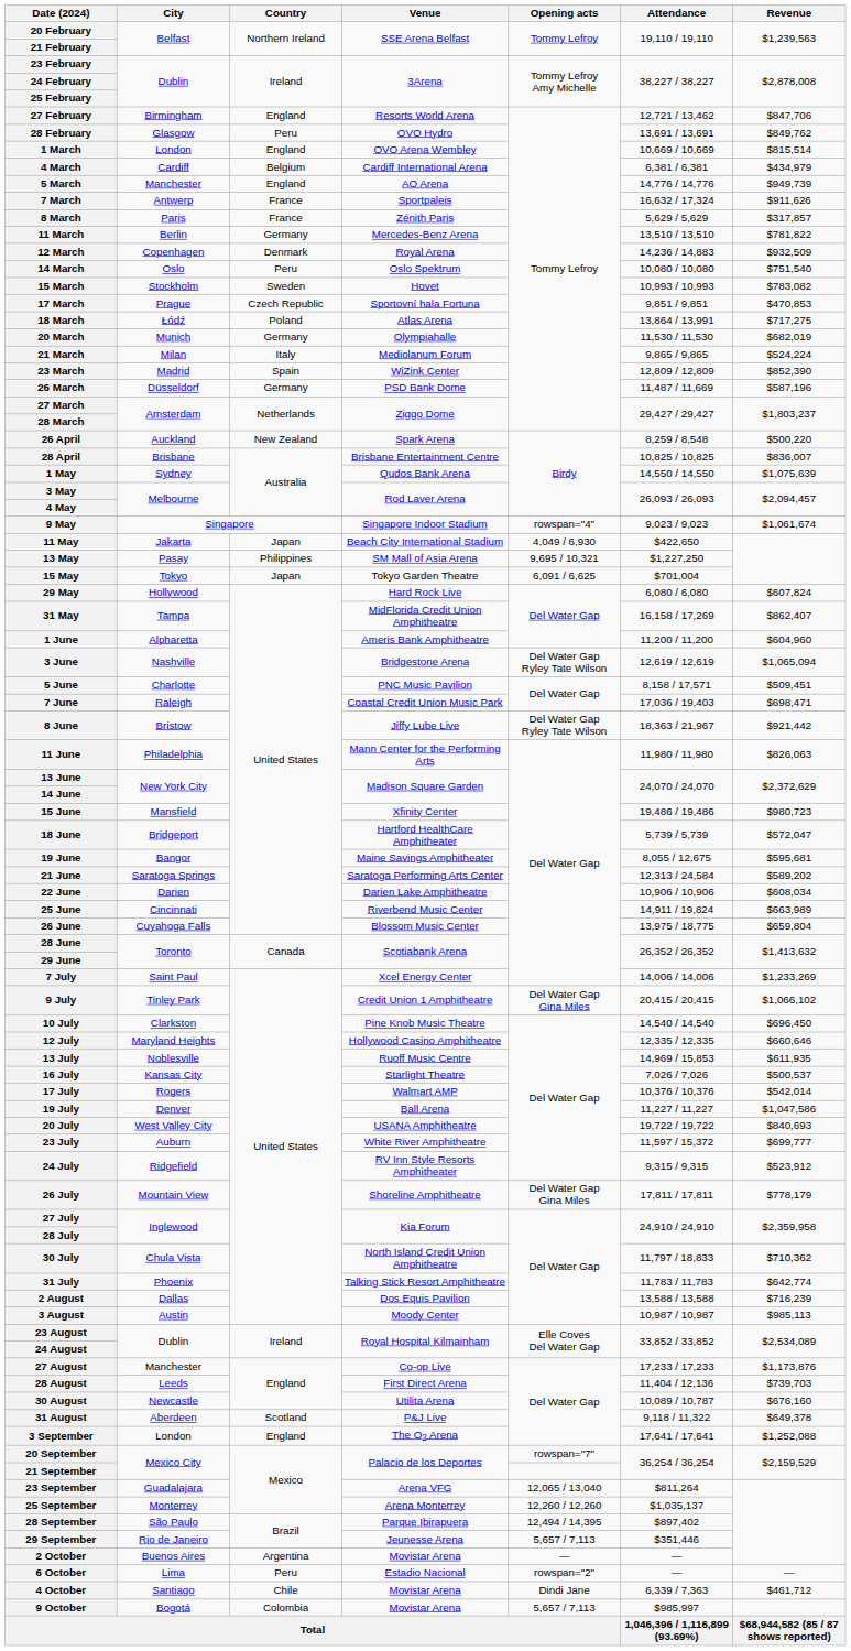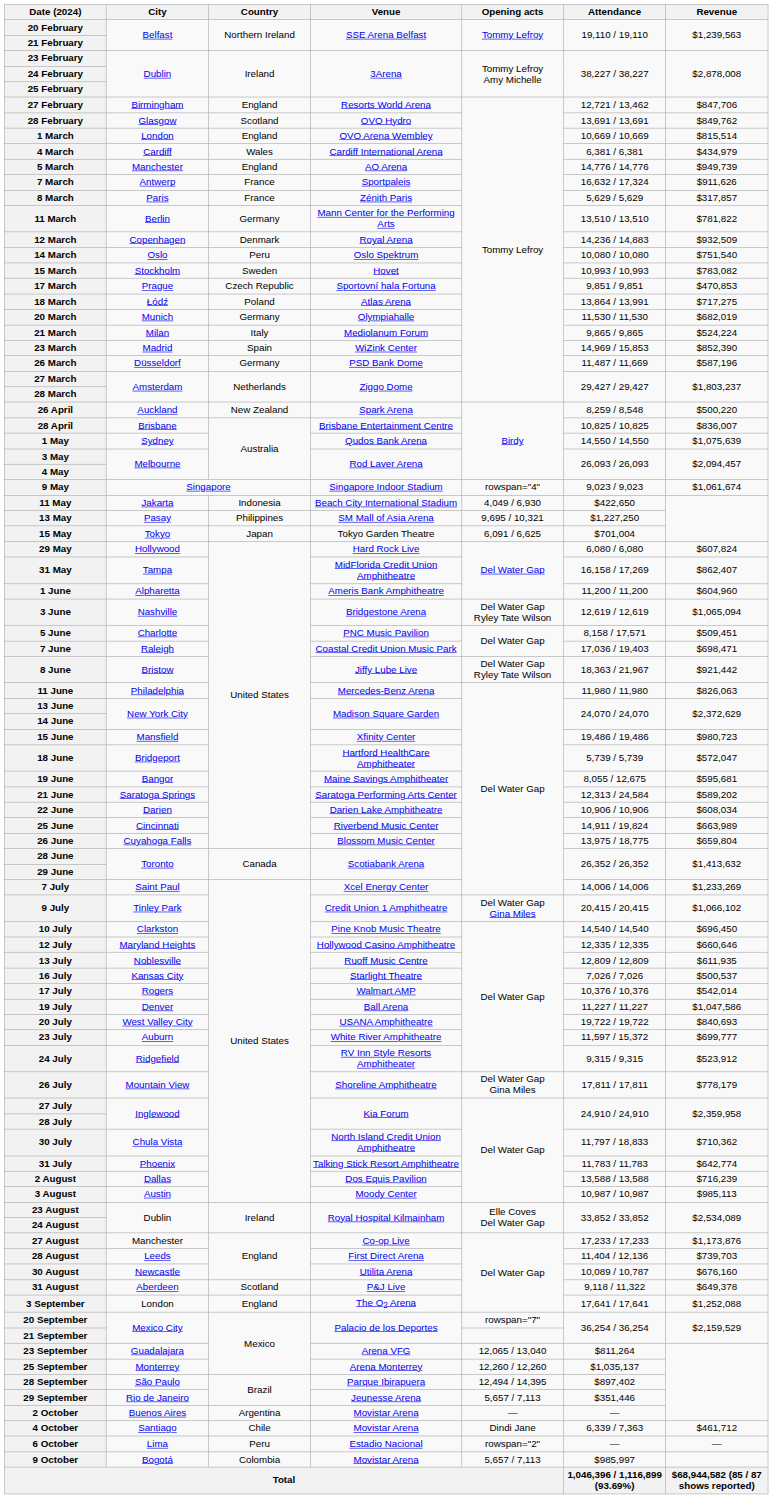 <table class="wikitable plainrowheaders" style="text-align:center;">
 <tr>
 <th scope="col" style="width:10em;">Date (2024)</th>
 <th scope="col" style="width:10em;">City</th>
 <th scope="col" style="width:10em;">Country</th>
 <th scope="col" style="width:15em;">Venue</th>
 <th scope="col" style="width:10em;">Opening acts</th>
 <th scope="col" style="width:10em;">Attendance</th>
 <th scope="col" style="width:10em;">Revenue</th>
 </tr>
 <tr>
 <th scope="row" style="text-align:center;">20 February</th>
 <td rowspan="2"><a href='#'>Belfast</a></td>
 <td rowspan="2">Northern Ireland</td>
 <td rowspan="2"><a href='#'>SSE Arena Belfast</a></td>
 <td rowspan="2"><a href='#'>Tommy Lefroy</a></td>
 <td rowspan="2">19,110 / 19,110</td>
 <td rowspan="2">$1,239,563</td>
 </tr>
 <tr>
 <th scope="row" style="text-align:center;">21 February</th>
 </tr>
 <tr>
 <th scope="row" style="text-align:center;">23 February</th>
 <td rowspan="3"><a href='#'>Dublin</a></td>
 <td rowspan="3">Ireland</td>
 <td rowspan="3"><a href='#'>3Arena</a></td>
 <td rowspan="3">Tommy Lefroy <br>Amy Michelle</td>
 <td rowspan="3">38,227 / 38,227</td>
 <td rowspan="3">$2,878,008</td>
 </tr>
 <tr>
 <th scope="row" style="text-align:center;">24 February</th>
 </tr>
 <tr>
 <th scope="row" style="text-align:center;">25 February</th>
 </tr>
 <tr>
 <th scope="row" style="text-align:center;">27 February</th>
 <td><a href='#'>Birmingham</a></td>
 <td>England</td>
 <td><a href='#'>Resorts World Arena</a></td>
 <td rowspan="19">Tommy Lefroy</td>
 <td>12,721 / 13,462</td>
 <td>$847,706</td>
 </tr>
 <tr>
 <th scope="row" style="text-align:center;">28 February</th>
 <td><a href='#'>Glasgow</a></td>
-<td>Peru</td>
+<td>Scotland</td>
 <td><a href='#'>OVO Hydro</a></td>
 <td>13,691 / 13,691</td>
 <td>$849,762</td>
 </tr>
 <tr>
 <th scope="row" style="text-align:center;">1 March</th>
 <td><a href='#'>London</a></td>
 <td>England</td>
 <td><a href='#'>OVO Arena Wembley</a></td>
 <td>10,669 / 10,669</td>
 <td>$815,514</td>
 </tr>
 <tr>
 <th scope="row" style="text-align:center;">4 March</th>
 <td><a href='#'>Cardiff</a></td>
-<td>Belgium</td>
+<td>Wales</td>
 <td><a href='#'>Cardiff International Arena</a></td>
 <td>6,381 / 6,381</td>
 <td>$434,979</td>
 </tr>
 <tr>
 <th scope="row" style="text-align:center;">5 March</th>
 <td><a href='#'>Manchester</a></td>
 <td>England</td>
 <td><a href='#'>AO Arena</a></td>
 <td>14,776 / 14,776</td>
 <td>$949,739</td>
 </tr>
 <tr>
 <th scope="row" style="text-align:center;">7 March</th>
 <td><a href='#'>Antwerp</a></td>
 <td>France</td>
 <td><a href='#'>Sportpaleis</a></td>
 <td>16,632 / 17,324</td>
 <td>$911,626</td>
 </tr>
 <tr>
 <th scope="row" style="text-align:center;">8 March</th>
 <td><a href='#'>Paris</a></td>
 <td>France</td>
 <td><a href='#'>Zénith Paris</a></td>
 <td>5,629 / 5,629</td>
 <td>$317,857</td>
 </tr>
 <tr>
 <th scope="row" style="text-align:center;">11 March</th>
 <td><a href='#'>Berlin</a></td>
 <td>Germany</td>
-<td><a href='#'>Mercedes-Benz Arena</a></td>
+<td><a href='#'>Mann Center for the Performing Arts</a></td>
 <td>13,510 / 13,510</td>
 <td>$781,822</td>
 </tr>
 <tr>
 <th scope="row" style="text-align:center;">12 March</th>
 <td><a href='#'>Copenhagen</a></td>
 <td>Denmark</td>
 <td><a href='#'>Royal Arena</a></td>
 <td>14,236 / 14,883</td>
 <td>$932,509</td>
 </tr>
 <tr>
 <th scope="row" style="text-align:center;">14 March</th>
 <td><a href='#'>Oslo</a></td>
 <td>Peru</td>
 <td><a href='#'>Oslo Spektrum</a></td>
 <td>10,080 / 10,080</td>
 <td>$751,540</td>
 </tr>
 <tr>
 <th scope="row" style="text-align:center;">15 March</th>
 <td><a href='#'>Stockholm</a></td>
 <td>Sweden</td>
 <td><a href='#'>Hovet</a></td>
 <td>10,993 / 10,993</td>
 <td>$783,082</td>
 </tr>
 <tr>
 <th scope="row" style="text-align:center;">17 March</th>
 <td><a href='#'>Prague</a></td>
 <td>Czech Republic</td>
 <td><a href='#'>Sportovní hala Fortuna</a></td>
 <td>9,851 / 9,851</td>
 <td>$470,853</td>
 </tr>
 <tr>
 <th scope="row" style="text-align:center;">18 March</th>
 <td><a href='#'>Łódź</a></td>
 <td>Poland</td>
 <td><a href='#'>Atlas Arena</a></td>
 <td>13,864 / 13,991</td>
 <td>$717,275</td>
 </tr>
 <tr>
 <th scope="row" style="text-align:center;">20 March</th>
 <td><a href='#'>Munich</a></td>
 <td>Germany</td>
 <td><a href='#'>Olympiahalle</a></td>
 <td>11,530 / 11,530</td>
 <td>$682,019</td>
 </tr>
 <tr>
 <th scope="row" style="text-align:center;">21 March</th>
 <td><a href='#'>Milan</a></td>
 <td>Italy</td>
 <td><a href='#'>Mediolanum Forum</a></td>
 <td>9,865 / 9,865</td>
 <td>$524,224</td>
 </tr>
 <tr>
 <th scope="row" style="text-align:center;">23 March</th>
 <td><a href='#'>Madrid</a></td>
 <td>Spain</td>
 <td><a href='#'>WiZink Center</a></td>
-<td>12,809 / 12,809</td>
+<td>14,969 / 15,853</td>
 <td>$852,390</td>
 </tr>
 <tr>
 <th scope="row" style="text-align:center;">26 March</th>
 <td><a href='#'>Düsseldorf</a></td>
 <td>Germany</td>
 <td><a href='#'>PSD Bank Dome</a></td>
 <td>11,487 / 11,669</td>
 <td>$587,196</td>
 </tr>
 <tr>
 <th scope="row" style="text-align:center;">27 March</th>
 <td rowspan="2"><a href='#'>Amsterdam</a></td>
 <td rowspan="2">Netherlands</td>
 <td rowspan="2"><a href='#'>Ziggo Dome</a></td>
 <td rowspan="2">29,427 / 29,427</td>
 <td rowspan="2">$1,803,237</td>
 </tr>
 <tr>
 <th scope="row" style="text-align:center;">28 March</th>
 </tr>
 <tr>
 <th scope="row" style="text-align:center;">26 April</th>
 <td><a href='#'>Auckland</a></td>
 <td>New Zealand</td>
 <td><a href='#'>Spark Arena</a></td>
 <td rowspan="5"><a href='#'>Birdy</a></td>
 <td>8,259 / 8,548</td>
 <td>$500,220</td>
 </tr>
 <tr>
 <th scope="row" style="text-align:center;">28 April</th>
 <td><a href='#'>Brisbane</a></td>
 <td rowspan="4">Australia</td>
 <td><a href='#'>Brisbane Entertainment Centre</a></td>
 <td>10,825 / 10,825</td>
 <td>$836,007</td>
 </tr>
 <tr>
 <th scope="row" style="text-align:center;">1 May</th>
 <td><a href='#'>Sydney</a></td>
 <td><a href='#'>Qudos Bank Arena</a></td>
 <td>14,550 / 14,550</td>
 <td>$1,075,639</td>
 </tr>
 <tr>
 <th scope="row" style="text-align:center;">3 May</th>
 <td rowspan="2"><a href='#'>Melbourne</a></td>
 <td rowspan="2"><a href='#'>Rod Laver Arena</a></td>
 <td rowspan="2">26,093 / 26,093</td>
 <td rowspan="2">$2,094,457</td>
 </tr>
 <tr>
 <th scope="row" style="text-align:center;">4 May</th>
 </tr>
 <tr>
 <th scope="row" style="text-align:center;">9 May</th>
 <td colspan="2"><a href='#'>Singapore</a></td>
 <td><a href='#'>Singapore Indoor Stadium</a></td>
 <td>rowspan="4" </td>
 <td>9,023 / 9,023</td>
 <td>$1,061,674</td>
 </tr>
 <tr>
 <th scope="row" style="text-align:center;">11 May</th>
 <td><a href='#'>Jakarta</a></td>
-<td>Japan</td>
+<td>Indonesia</td>
 <td><a href='#'>Beach City International Stadium</a></td>
 <td>4,049 / 6,930</td>
 <td>$422,650</td>
 </tr>
 <tr>
 <th scope="row" style="text-align:center;">13 May</th>
 <td><a href='#'>Pasay</a></td>
 <td>Philippines</td>
 <td><a href='#'>SM Mall of Asia Arena</a></td>
 <td>9,695 / 10,321</td>
 <td>$1,227,250</td>
 </tr>
 <tr>
 <th scope="row" style="text-align:center;">15 May</th>
 <td><a href='#'>Tokyo</a></td>
 <td>Japan</td>
 <td>Tokyo Garden Theatre</td>
 <td>6,091 / 6,625</td>
 <td>$701,004</td>
 </tr>
 <tr>
 <th scope="row" style="text-align:center;">29 May</th>
 <td><a href='#'>Hollywood</a></td>
 <td rowspan="17">United States</td>
 <td><a href='#'>Hard Rock Live</a></td>
 <td rowspan="3"><a href='#'>Del Water Gap</a></td>
 <td>6,080 / 6,080</td>
 <td>$607,824</td>
 </tr>
 <tr>
 <th scope="row" style="text-align:center;">31 May</th>
 <td><a href='#'>Tampa</a></td>
 <td><a href='#'>MidFlorida Credit Union Amphitheatre</a></td>
 <td>16,158 / 17,269</td>
 <td>$862,407</td>
 </tr>
 <tr>
 <th scope="row" style="text-align:center;">1 June</th>
 <td><a href='#'>Alpharetta</a></td>
 <td><a href='#'>Ameris Bank Amphitheatre</a></td>
 <td>11,200 / 11,200</td>
 <td>$604,960</td>
 </tr>
 <tr>
 <th scope="row" style="text-align:center;">3 June</th>
 <td><a href='#'>Nashville</a></td>
 <td><a href='#'>Bridgestone Arena</a></td>
 <td>Del Water Gap<br>Ryley Tate Wilson</td>
 <td>12,619 / 12,619</td>
 <td>$1,065,094</td>
 </tr>
 <tr>
 <th scope="row" style="text-align:center;">5 June</th>
 <td><a href='#'>Charlotte</a></td>
 <td><a href='#'>PNC Music Pavilion</a></td>
 <td rowspan="2">Del Water Gap</td>
 <td>8,158 / 17,571</td>
 <td>$509,451</td>
 </tr>
 <tr>
 <th scope="row" style="text-align:center;">7 June</th>
 <td><a href='#'>Raleigh</a></td>
 <td><a href='#'>Coastal Credit Union Music Park</a></td>
 <td>17,036 / 19,403</td>
 <td>$698,471</td>
 </tr>
 <tr>
 <th scope="row" style="text-align:center;">8 June</th>
 <td><a href='#'>Bristow</a></td>
 <td><a href='#'>Jiffy Lube Live</a></td>
 <td>Del Water Gap<br>Ryley Tate Wilson</td>
 <td>18,363 / 21,967</td>
 <td>$921,442</td>
 </tr>
 <tr>
 <th scope="row" style="text-align:center;">11 June</th>
 <td><a href='#'>Philadelphia</a></td>
-<td><a href='#'>Mann Center for the Performing Arts</a></td>
+<td><a href='#'>Mercedes-Benz Arena</a></td>
 <td rowspan="13">Del Water Gap</td>
 <td>11,980 / 11,980</td>
 <td>$826,063</td>
 </tr>
 <tr>
 <th scope="row" style="text-align:center;">13 June</th>
 <td rowspan="2"><a href='#'>New York City</a></td>
 <td rowspan="2"><a href='#'>Madison Square Garden</a></td>
 <td rowspan="2">24,070 / 24,070</td>
 <td rowspan="2">$2,372,629</td>
 </tr>
 <tr>
 <th scope="row" style="text-align:center;">14 June</th>
 </tr>
 <tr>
 <th scope="row" style="text-align:center;">15 June</th>
 <td><a href='#'>Mansfield</a></td>
 <td><a href='#'>Xfinity Center</a></td>
 <td>19,486 / 19,486</td>
 <td>$980,723</td>
 </tr>
 <tr>
 <th scope="row" style="text-align:center;">18 June</th>
 <td><a href='#'>Bridgeport</a></td>
 <td><a href='#'>Hartford HealthCare Amphitheater</a></td>
 <td>5,739 / 5,739</td>
 <td>$572,047</td>
 </tr>
 <tr>
 <th scope="row" style="text-align:center;">19 June</th>
 <td><a href='#'>Bangor</a></td>
 <td><a href='#'>Maine Savings Amphitheater</a></td>
 <td>8,055 / 12,675</td>
 <td>$595,681</td>
 </tr>
 <tr>
 <th scope="row" style="text-align:center;">21 June</th>
 <td><a href='#'>Saratoga Springs</a></td>
 <td><a href='#'>Saratoga Performing Arts Center</a></td>
 <td>12,313 / 24,584</td>
 <td>$589,202</td>
 </tr>
 <tr>
 <th scope="row" style="text-align:center;">22 June</th>
 <td><a href='#'>Darien</a></td>
 <td><a href='#'>Darien Lake Amphitheatre</a></td>
 <td>10,906 / 10,906</td>
 <td>$608,034</td>
 </tr>
 <tr>
 <th scope="row" style="text-align:center;">25 June</th>
 <td><a href='#'>Cincinnati</a></td>
 <td><a href='#'>Riverbend Music Center</a></td>
 <td>14,911 / 19,824</td>
 <td>$663,989</td>
 </tr>
 <tr>
 <th scope="row" style="text-align:center;">26 June</th>
 <td><a href='#'>Cuyahoga Falls</a></td>
 <td><a href='#'>Blossom Music Center</a></td>
 <td>13,975 / 18,775</td>
 <td>$659,804</td>
 </tr>
 <tr>
 <th scope="row" style="text-align:center;">28 June</th>
 <td rowspan="2"><a href='#'>Toronto</a></td>
 <td rowspan="2">Canada</td>
 <td rowspan="2"><a href='#'>Scotiabank Arena</a></td>
 <td rowspan="2">26,352 / 26,352</td>
 <td rowspan="2">$1,413,632</td>
 </tr>
 <tr>
 <th scope="row" style="text-align:center;">29 June</th>
 </tr>
 <tr>
 <th scope="row" style="text-align:center;">7 July</th>
 <td><a href='#'>Saint Paul</a></td>
 <td rowspan="18">United States</td>
 <td><a href='#'>Xcel Energy Center</a></td>
 <td>14,006 / 14,006</td>
 <td>$1,233,269</td>
 </tr>
 <tr>
 <th scope="row" style="text-align:center;">9 July</th>
 <td><a href='#'>Tinley Park</a></td>
 <td><a href='#'>Credit Union 1 Amphitheatre</a></td>
 <td>Del Water Gap<br><a href='#'>Gina Miles</a></td>
 <td>20,415 / 20,415</td>
 <td>$1,066,102</td>
 </tr>
 <tr>
 <th scope="row" style="text-align:center;">10 July</th>
 <td><a href='#'>Clarkston</a></td>
 <td><a href='#'>Pine Knob Music Theatre</a></td>
 <td rowspan="9">Del Water Gap</td>
 <td>14,540 / 14,540</td>
 <td>$696,450</td>
 </tr>
 <tr>
 <th scope="row" style="text-align:center;">12 July</th>
 <td><a href='#'>Maryland Heights</a></td>
 <td><a href='#'>Hollywood Casino Amphitheatre</a></td>
 <td>12,335 / 12,335</td>
 <td>$660,646</td>
 </tr>
 <tr>
 <th scope="row" style="text-align:center;">13 July</th>
 <td><a href='#'>Noblesville</a></td>
 <td><a href='#'>Ruoff Music Centre</a></td>
-<td>14,969 / 15,853</td>
+<td>12,809 / 12,809</td>
 <td>$611,935</td>
 </tr>
 <tr>
 <th scope="row" style="text-align:center;">16 July</th>
 <td><a href='#'>Kansas City</a></td>
 <td><a href='#'>Starlight Theatre</a></td>
 <td>7,026 / 7,026</td>
 <td>$500,537</td>
 </tr>
 <tr>
 <th scope="row" style="text-align:center;">17 July</th>
 <td><a href='#'>Rogers</a></td>
 <td><a href='#'>Walmart AMP</a></td>
 <td>10,376 / 10,376</td>
 <td>$542,014</td>
 </tr>
 <tr>
 <th scope="row" style="text-align:center;">19 July</th>
 <td><a href='#'>Denver</a></td>
 <td><a href='#'>Ball Arena</a></td>
 <td>11,227 / 11,227</td>
 <td>$1,047,586</td>
 </tr>
 <tr>
 <th scope="row" style="text-align:center;">20 July</th>
 <td><a href='#'>West Valley City</a></td>
 <td><a href='#'>USANA Amphitheatre</a></td>
 <td>19,722 / 19,722</td>
 <td>$840,693</td>
 </tr>
 <tr>
 <th scope="row" style="text-align:center;">23 July</th>
 <td><a href='#'>Auburn</a></td>
 <td><a href='#'>White River Amphitheatre</a></td>
 <td>11,597 / 15,372</td>
 <td>$699,777</td>
 </tr>
 <tr>
 <th scope="row" style="text-align:center;">24 July</th>
 <td><a href='#'>Ridgefield</a></td>
 <td><a href='#'>RV Inn Style Resorts Amphitheater</a></td>
 <td>9,315 / 9,315</td>
 <td>$523,912</td>
 </tr>
 <tr>
 <th scope="row" style="text-align:center;">26 July</th>
 <td><a href='#'>Mountain View</a></td>
 <td><a href='#'>Shoreline Amphitheatre</a></td>
 <td>Del Water Gap<br>Gina Miles</td>
 <td>17,811 / 17,811</td>
 <td>$778,179</td>
 </tr>
 <tr>
 <th scope="row" style="text-align:center;">27 July</th>
 <td rowspan="2"><a href='#'>Inglewood</a></td>
 <td rowspan="2"><a href='#'>Kia Forum</a></td>
 <td rowspan="6">Del Water Gap</td>
 <td rowspan="2">24,910 / 24,910</td>
 <td rowspan="2">$2,359,958</td>
 </tr>
 <tr>
 <th scope="row" style="text-align:center;">28 July</th>
 </tr>
 <tr>
 <th scope="row" style="text-align:center;">30 July</th>
 <td><a href='#'>Chula Vista</a></td>
 <td><a href='#'>North Island Credit Union Amphitheatre</a></td>
 <td>11,797 / 18,833</td>
 <td>$710,362</td>
 </tr>
 <tr>
 <th scope="row" style="text-align:center;">31 July</th>
 <td><a href='#'>Phoenix</a></td>
 <td><a href='#'>Talking Stick Resort Amphitheatre</a></td>
 <td>11,783 / 11,783</td>
 <td>$642,774</td>
 </tr>
 <tr>
 <th scope="row" style="text-align:center;">2 August</th>
 <td><a href='#'>Dallas</a></td>
 <td><a href='#'>Dos Equis Pavilion</a></td>
 <td>13,588 / 13,588</td>
 <td>$716,239</td>
 </tr>
 <tr>
 <th scope="row" style="text-align:center;">3 August</th>
 <td><a href='#'>Austin</a></td>
 <td><a href='#'>Moody Center</a></td>
 <td>10,987 / 10,987</td>
 <td>$985,113</td>
 </tr>
 <tr>
 <th scope="row" style="text-align:center;">23 August</th>
 <td rowspan="2">Dublin</td>
 <td rowspan="2">Ireland</td>
 <td rowspan="2"><a href='#'>Royal Hospital Kilmainham</a></td>
 <td rowspan="2">Elle Coves<br>Del Water Gap</td>
 <td rowspan="2">33,852 / 33,852</td>
 <td rowspan="2">$2,534,089</td>
 </tr>
 <tr>
 <th scope="row" style="text-align:center;">24 August</th>
 </tr>
 <tr>
 <th scope="row" style="text-align:center;">27 August</th>
 <td>Manchester</td>
 <td rowspan="3">England</td>
 <td><a href='#'>Co-op Live</a></td>
 <td rowspan="5">Del Water Gap</td>
 <td>17,233 / 17,233</td>
 <td>$1,173,876</td>
 </tr>
 <tr>
 <th scope="row" style="text-align:center;">28 August</th>
 <td><a href='#'>Leeds</a></td>
 <td><a href='#'>First Direct Arena</a></td>
 <td>11,404 / 12,136</td>
 <td>$739,703</td>
 </tr>
 <tr>
 <th scope="row" style="text-align:center;">30 August</th>
 <td><a href='#'>Newcastle</a></td>
 <td><a href='#'>Utilita Arena</a></td>
 <td>10,089 / 10,787</td>
 <td>$676,160</td>
 </tr>
 <tr>
 <th scope="row" style="text-align:center;">31 August</th>
 <td><a href='#'>Aberdeen</a></td>
 <td>Scotland</td>
 <td><a href='#'>P&J Live</a></td>
 <td>9,118 / 11,322</td>
 <td>$649,378</td>
 </tr>
 <tr>
 <th scope="row" style="text-align:center;">3 September</th>
 <td>London</td>
 <td>England</td>
 <td><a href='#'>The O<sub>2</sub> Arena</a></td>
 <td>17,641 / 17,641</td>
 <td>$1,252,088</td>
 </tr>
 <tr>
 <th scope="row" style="text-align:center;">20 September</th>
 <td rowspan="2"><a href='#'>Mexico City</a></td>
 <td rowspan="4">Mexico</td>
 <td rowspan="2"><a href='#'>Palacio de los Deportes</a></td>
 <td>rowspan="7" </td>
 <td rowspan="2">36,254 / 36,254</td>
 <td rowspan="2">$2,159,529</td>
 </tr>
 <tr>
 <th scope="row" style="text-align:center;">21 September</th>
 </tr>
 <tr>
 <th scope="row" style="text-align:center;">23 September</th>
 <td><a href='#'>Guadalajara</a></td>
 <td><a href='#'>Arena VFG</a></td>
 <td>12,065 / 13,040</td>
 <td>$811,264</td>
 </tr>
 <tr>
 <th scope="row" style="text-align:center;">25 September</th>
 <td><a href='#'>Monterrey</a></td>
 <td><a href='#'>Arena Monterrey</a></td>
 <td>12,260 / 12,260</td>
 <td>$1,035,137</td>
 </tr>
 <tr>
 <th scope="row" style="text-align:center;">28 September</th>
 <td><a href='#'>São Paulo</a></td>
 <td rowspan="2">Brazil</td>
 <td><a href='#'>Parque Ibirapuera</a></td>
 <td>12,494 / 14,395</td>
 <td>$897,402</td>
 </tr>
 <tr>
 <th scope="row" style="text-align:center;">29 September</th>
 <td><a href='#'>Rio de Janeiro</a></td>
 <td><a href='#'>Jeunesse Arena</a></td>
 <td>5,657 / 7,113</td>
 <td>$351,446</td>
 </tr>
 <tr>
 <th scope="row" style="text-align:center;">2 October</th>
 <td><a href='#'>Buenos Aires</a></td>
 <td>Argentina</td>
 <td><a href='#'>Movistar Arena</a></td>
 <td>—</td>
 <td>—</td>
 </tr>
 <tr>
+<th scope="row" style="text-align:center;">4 October</th>
+<td><a href='#'>Santiago</a></td>
+<td>Chile</td>
+<td><a href='#'>Movistar Arena</a></td>
+<td>Dindi Jane</td>
+<td>6,339 / 7,363</td>
+<td>$461,712</td>
+</tr>
+<tr>
 <th scope="row" style="text-align:center;">6 October</th>
 <td><a href='#'>Lima</a></td>
 <td>Peru</td>
 <td><a href='#'>Estadio Nacional</a></td>
 <td>rowspan="2" </td>
 <td>—</td>
 <td>—</td>
-</tr>
-<tr>
-<th scope="row" style="text-align:center;">4 October</th>
-<td><a href='#'>Santiago</a></td>
-<td>Chile</td>
-<td><a href='#'>Movistar Arena</a></td>
-<td>Dindi Jane</td>
-<td>6,339 / 7,363</td>
-<td>$461,712</td>
 </tr>
 <tr>
 <th scope="row" style="text-align:center;">9 October</th>
 <td><a href='#'>Bogotá</a></td>
 <td>Colombia</td>
 <td><a href='#'>Movistar Arena</a></td>
 <td>5,657 / 7,113</td>
 <td>$985,997</td>
 </tr>
 <tr>
 <th colspan="5">Total</th>
 <th>1,046,396 / 1,116,899 (93.69%)</th>
 <th>$68,944,582 (85 / 87 shows reported)</th>
 </tr>
 </table>
